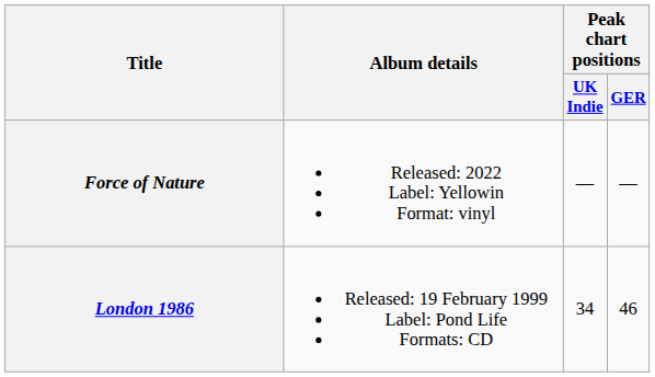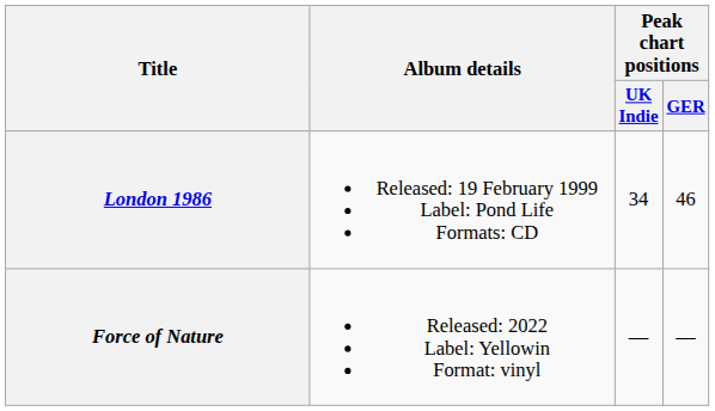 <table class="wikitable plainrowheaders" style="text-align:center;">
 <tr>
 <th rowspan="2" scope="col" style="width:15em;">Title</th>
 <th rowspan="2" scope="col" style="width:15em;">Album details</th>
 <th colspan="2">Peak chart positions</th>
 </tr>
 <tr>
 <th scope="col" style="width:2em;font-size:90%;"><a href='#'>UK Indie</a><br></th>
 <th scope="col" style="width:2em;font-size:90%;"><a href='#'>GER</a><br></th>
 </tr>
 <tr>
+<th scope="row"><em><a href='#'>London 1986</a></em></th>
+<td><br><ul><li>Released: 19 February 1999</li><li>Label: Pond Life</li><li>Formats: CD</li></ul></td>
+<td>34</td>
+<td>46</td>
+</tr>
+<tr>
 <th scope="row"><em>Force of Nature</em></th>
 <td><br><ul><li>Released: 2022</li><li>Label: Yellowin</li><li>Format: vinyl</li></ul></td>
 <td>—</td>
 <td>—</td>
 </tr>
-<tr>
-<th scope="row"><em><a href='#'>London 1986</a></em></th>
-<td><br><ul><li>Released: 19 February 1999</li><li>Label: Pond Life</li><li>Formats: CD</li></ul></td>
-<td>34</td>
-<td>46</td>
-</tr>
 </table>
